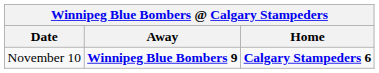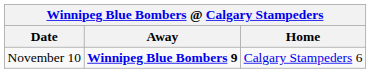 <table class="wikitable">
 <tr>
 <th colspan=4><a href='#'>Winnipeg Blue Bombers</a> @ <a href='#'>Calgary Stampeders</a></th>
 </tr>
 <tr>
 <th>Date</th>
 <th>Away</th>
 <th>Home</th>
 </tr>
 <tr>
 <td>November 10</td>
 <td><strong><a href='#'>Winnipeg Blue Bombers</a> 9</strong></td>
-<td><strong><a href='#'>Calgary Stampeders</a> 6</strong></td>
+<td><a href='#'>Calgary Stampeders</a> 6</td>
 </tr>
 </table>
